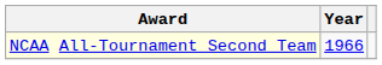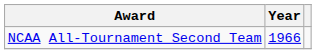 <table class="wikitable">
 <tr>
 <th>Award</th>
 <th>Year</th>
 <th></th>
 </tr>
 <tr>
-<td style="background: lightyellow;"><a href='#'>NCAA</a> <a href='#'>All-Tournament Second Team</a></td>
+<td><a href='#'>NCAA</a> <a href='#'>All-Tournament Second Team</a></td>
 <td><a href='#'>1966</a></td>
 <td></td>
 </tr>
 <tr>
 </tr>
 </table>
